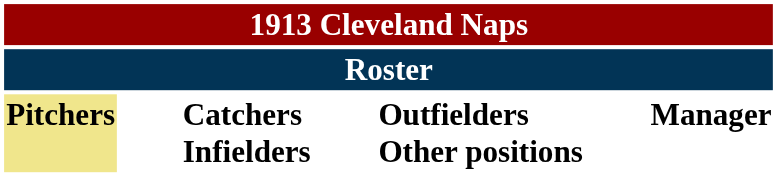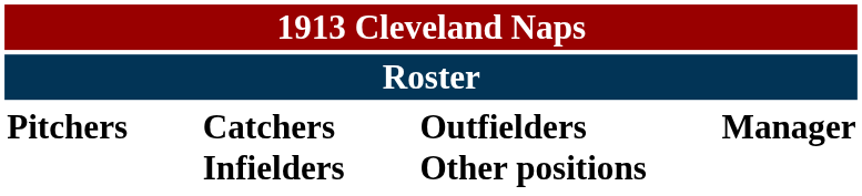 <table class="toccolours" style="font-size: 95%;">
 <tr>
 <th colspan="10" style="background-color: #990000; color: white; text-align: center;">1913 Cleveland Naps</th>
 </tr>
 <tr>
 <td colspan="10" style="background-color: #023456; color: white; text-align: center;"><strong>Roster</strong></td>
 </tr>
 <tr>
-<td valign="top" style="background: khaki;"><strong>Pitchers</strong><br>            </td>
+<td valign="top"><strong>Pitchers</strong><br>            </td>
 <td width="25px"></td>
 <td valign="top"><strong>Catchers</strong><br>      <strong>Infielders</strong>         </td>
 <td width="25px"></td>
 <td valign="top"><strong>Outfielders</strong><br>       <strong>Other positions</strong>    </td>
 <td width="25px"></td>
 <td valign="top"><strong>Manager</strong><br></td>
 </tr>
 </table>
